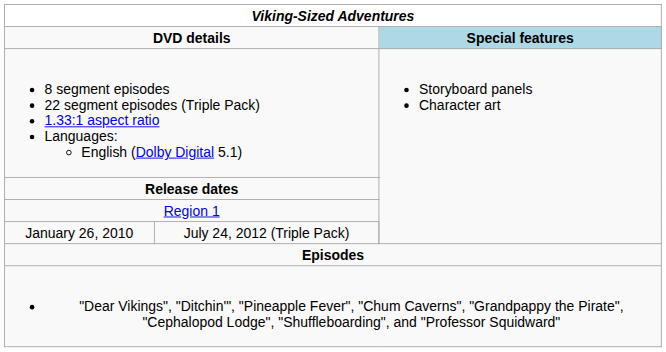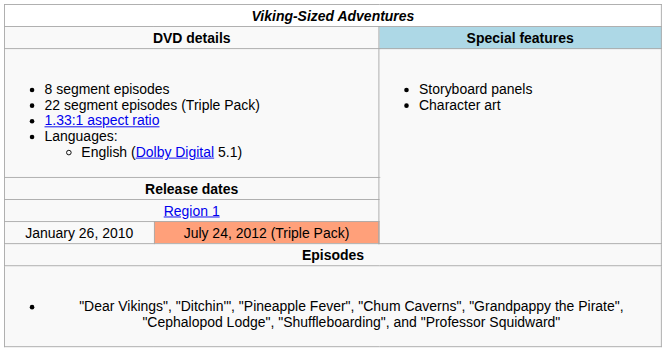 <table class="wikitable" style="font-size: 95%;">
 <tr style="background:#FFF; color:#000;">
 <td colspan="4" align="center"><strong><em>Viking-Sized Adventures</em></strong></td>
 </tr>
 <tr valign="top">
 <td style="text-align:center; width:400px;" colspan="3"><strong>DVD details</strong></td>
 <td style="background: lightblue; width:300px; text-align:center;"><strong>Special features</strong></td>
 </tr>
 <tr valign="top">
 <td colspan="3" style="text-align:left; width:400px;"><br><ul><li>8 segment episodes</li><li>22 segment episodes (Triple Pack)</li><li><a href='#'>1.33:1 aspect ratio</a></li><li>Languages:<ul><li>English (<a href='#'>Dolby Digital</a> 5.1)</li></ul></li></ul></td>
 <td rowspan="4" style="text-align:left; width:300px;"><br><ul><li>Storyboard panels</li><li>Character art</li></ul></td>
 </tr>
 <tr>
 <td colspan="3" style="text-align:center;"><strong>Release dates</strong></td>
 </tr>
 <tr>
 <td colspan="3" style="text-align:center;"><a href='#'>Region 1</a></td>
 </tr>
 <tr style="text-align:center;">
 <td>January 26, 2010</td>
-<td>July 24, 2012 (Triple Pack)</td>
+<td style="background: lightsalmon;">July 24, 2012 (Triple Pack)</td>
 </tr>
 <tr>
 <td style="text-align:center; width:400px;" colspan="4"><strong>Episodes</strong></td>
 </tr>
 <tr>
 <td style="text-align:center; width:400px;" colspan="4"><br><ul><li>"Dear Vikings", "Ditchin'", "Pineapple Fever", "Chum Caverns", "Grandpappy the Pirate", "Cephalopod Lodge", "Shuffleboarding", and "Professor Squidward"</li></ul></td>
 </tr>
 </table>
